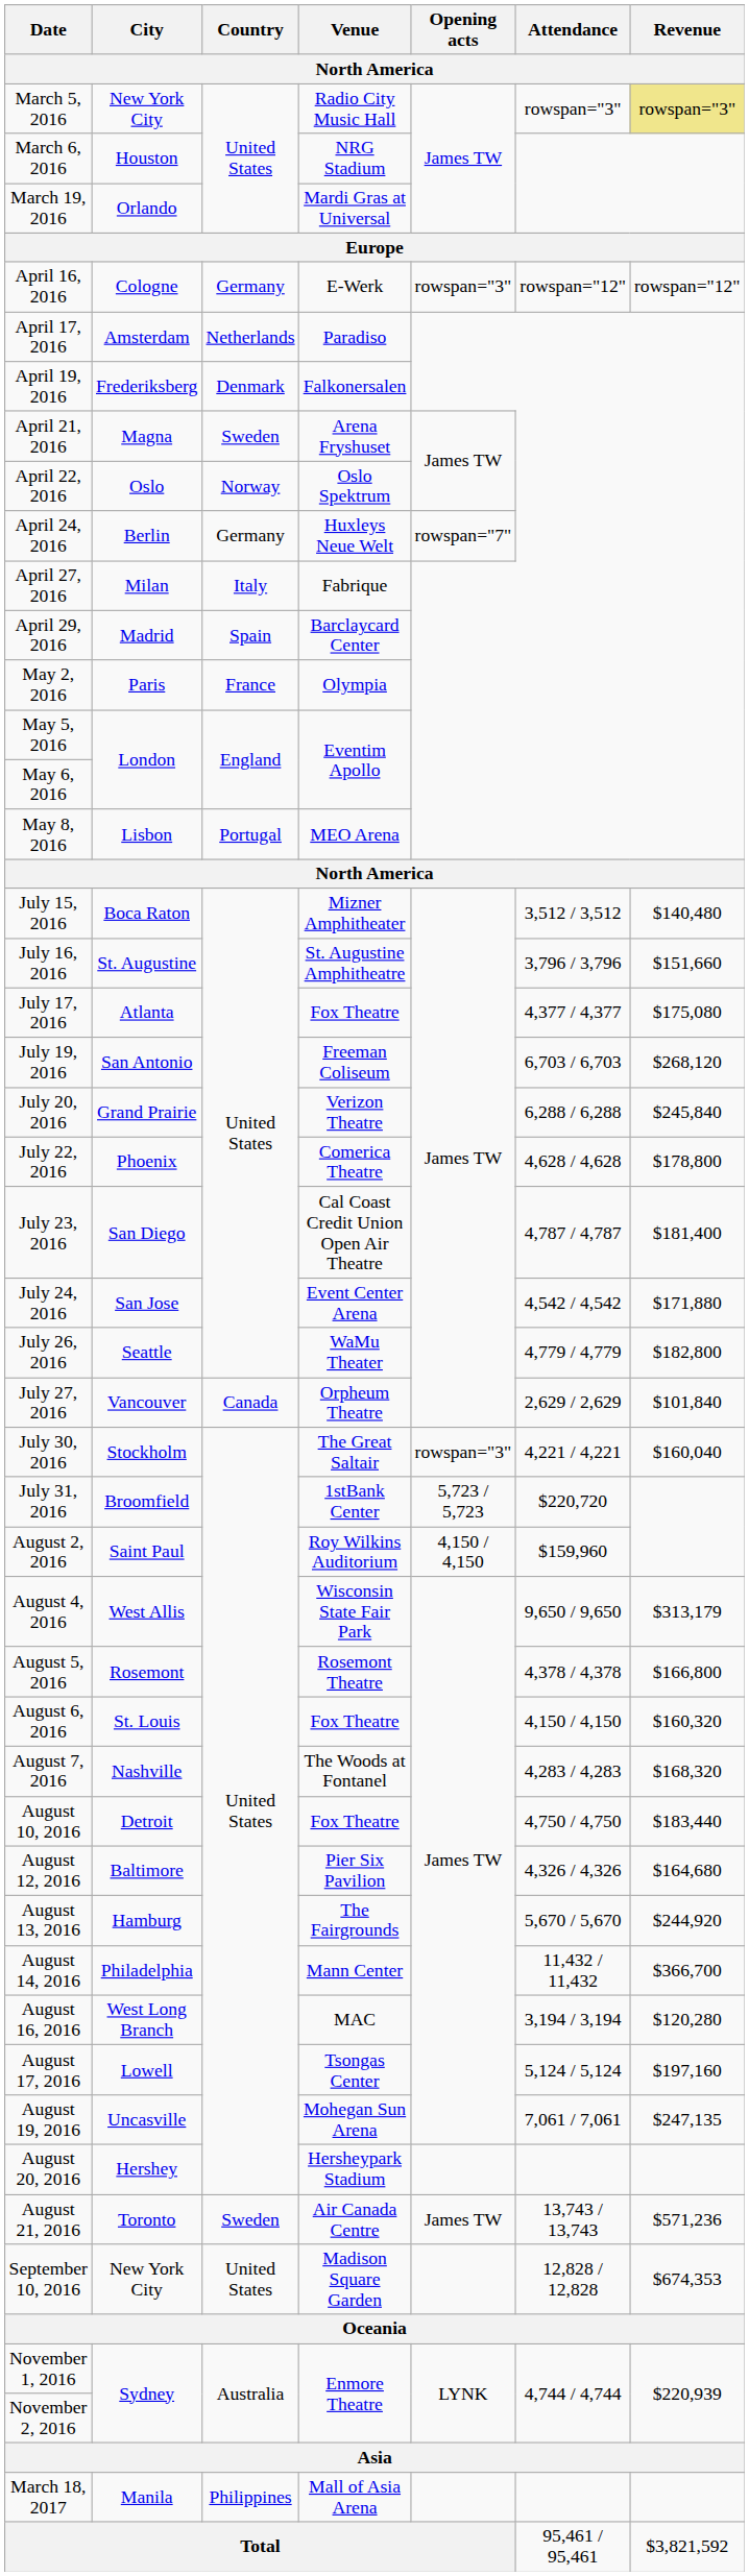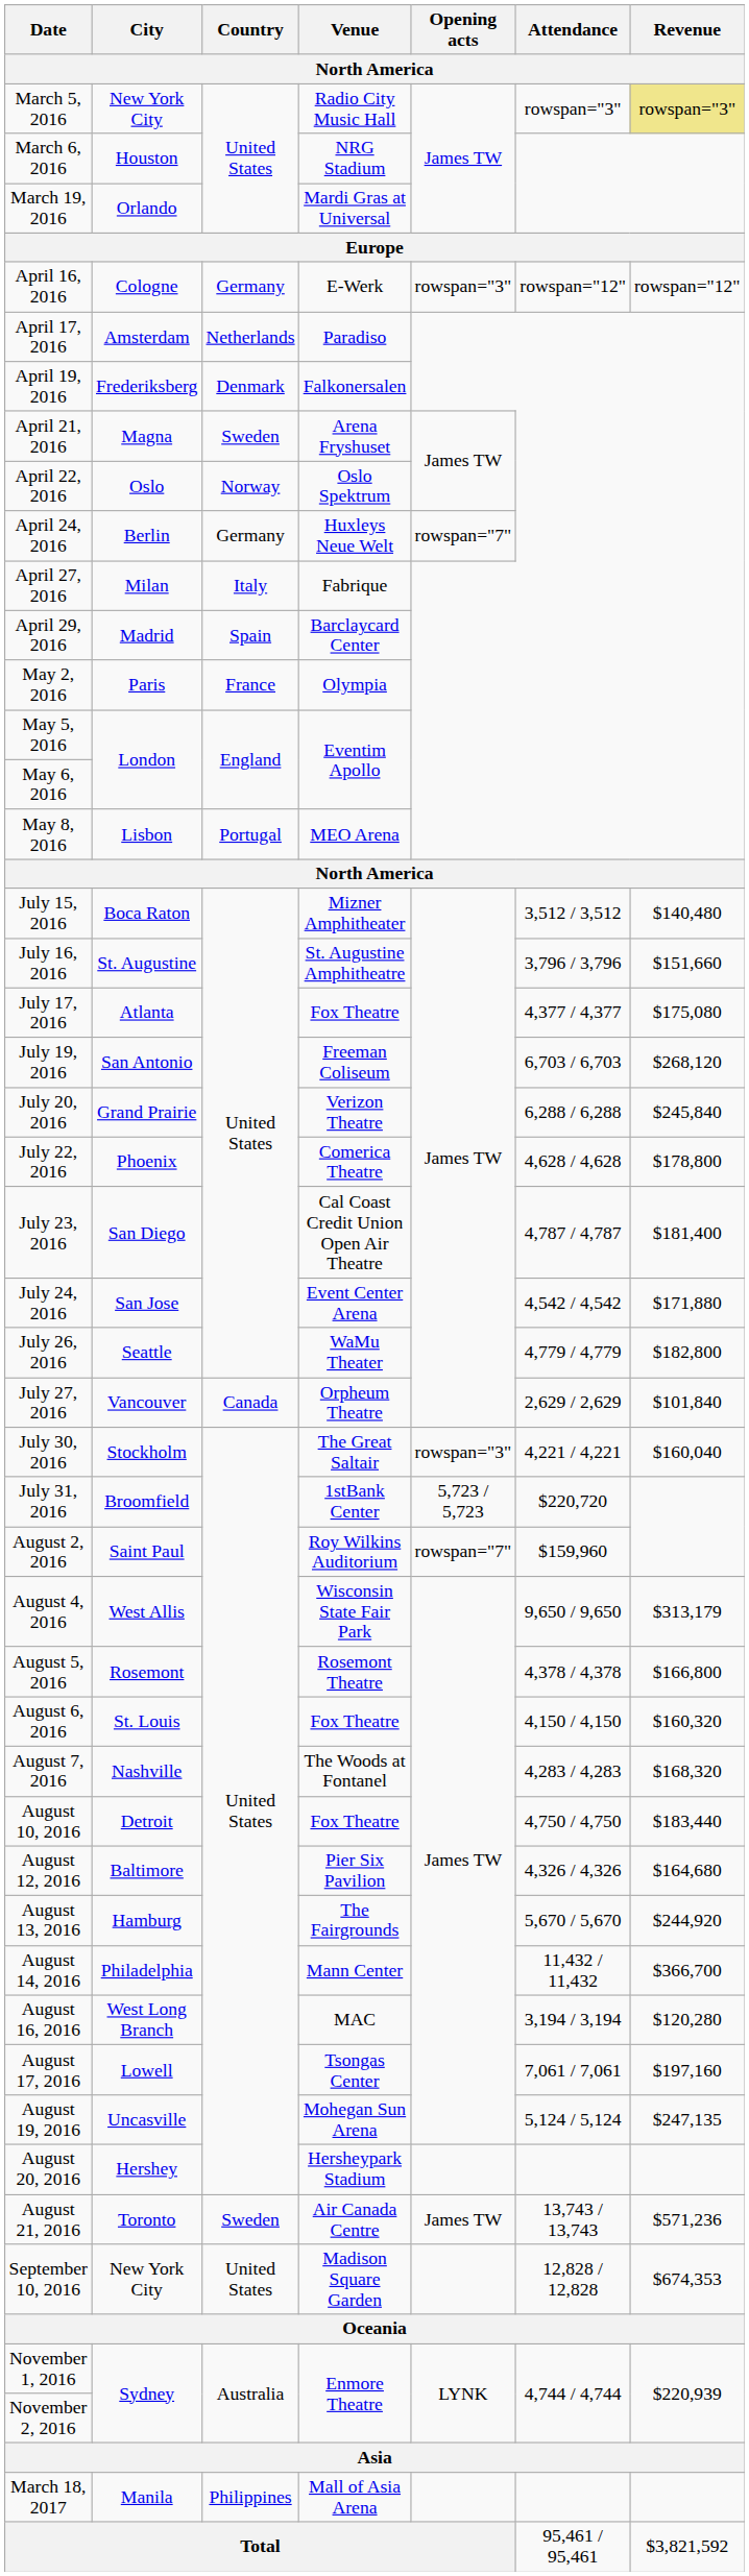 <table class="wikitable" style="text-align:center;">
 <tr>
 <th scope="col" style="width:12em;">Date</th>
 <th scope="col" style="width:10em;">City</th>
 <th scope="col" style="width:10em;">Country</th>
 <th scope="col" style="width:16em;">Venue</th>
 <th scope="col" style="width:10em;">Opening acts</th>
 <th scope="col" style="width:10em;">Attendance</th>
 <th scope="col" style="width:10em;">Revenue</th>
 </tr>
 <tr>
 <th colspan="7">North America</th>
 </tr>
 <tr>
 <td>March 5, 2016</td>
 <td><a href='#'>New York City</a></td>
 <td rowspan="3"><a href='#'>United States</a></td>
 <td><a href='#'>Radio City Music Hall</a></td>
 <td rowspan="3"><a href='#'>James TW</a></td>
 <td>rowspan="3" </td>
 <td style="background: khaki;">rowspan="3" </td>
 </tr>
 <tr 4,000,000,000>
 <td>March 6, 2016</td>
 <td><a href='#'>Houston</a></td>
 <td><a href='#'>NRG Stadium</a></td>
 </tr>
 <tr 10,000,000,000>
 <td>March 19, 2016</td>
 <td><a href='#'>Orlando</a></td>
 <td><a href='#'>Mardi Gras at Universal</a></td>
 </tr>
 <tr 4,000,000,000>
 <th colspan="7">Europe</th>
 </tr>
 <tr>
 <td>April 16, 2016</td>
 <td><a href='#'>Cologne</a></td>
 <td><a href='#'>Germany</a></td>
 <td>E-Werk</td>
 <td>rowspan="3" </td>
 <td>rowspan="12" </td>
 <td>rowspan="12" </td>
 </tr>
 <tr>
 <td>April 17, 2016</td>
 <td><a href='#'>Amsterdam</a></td>
 <td><a href='#'>Netherlands</a></td>
 <td><a href='#'>Paradiso</a></td>
 </tr>
 <tr 89,000,000,000>
 <td>April 19, 2016</td>
 <td><a href='#'>Frederiksberg</a></td>
 <td><a href='#'>Denmark</a></td>
 <td><a href='#'>Falkonersalen</a></td>
 </tr>
 <tr>
 <td>April 21, 2016</td>
 <td><a href='#'>Magna</a></td>
 <td><a href='#'>Sweden</a></td>
 <td><a href='#'>Arena Fryshuset</a></td>
 <td rowspan="2">James TW</td>
 </tr>
 <tr>
 <td>April 22, 2016</td>
 <td><a href='#'>Oslo</a></td>
 <td><a href='#'>Norway</a></td>
 <td><a href='#'>Oslo Spektrum</a></td>
 </tr>
 <tr>
 <td>April 24, 2016</td>
 <td><a href='#'>Berlin</a></td>
 <td>Germany</td>
 <td><a href='#'>Huxleys Neue Welt</a></td>
 <td>rowspan="7" </td>
 </tr>
 <tr>
 <td>April 27, 2016</td>
 <td><a href='#'>Milan</a></td>
 <td><a href='#'>Italy</a></td>
 <td>Fabrique</td>
 </tr>
 <tr>
 <td>April 29, 2016</td>
 <td><a href='#'>Madrid</a></td>
 <td><a href='#'>Spain</a></td>
 <td><a href='#'>Barclaycard Center</a></td>
 </tr>
 <tr>
 <td>May 2, 2016</td>
 <td><a href='#'>Paris</a></td>
 <td><a href='#'>France</a></td>
 <td><a href='#'>Olympia</a></td>
 </tr>
 <tr>
 <td>May 5, 2016</td>
 <td rowspan="2"><a href='#'>London</a></td>
 <td rowspan="2"><a href='#'>England</a></td>
 <td rowspan="2"><a href='#'>Eventim Apollo</a></td>
 </tr>
 <tr>
 <td>May 6, 2016</td>
 </tr>
 <tr>
 <td>May 8, 2016</td>
 <td><a href='#'>Lisbon</a></td>
 <td><a href='#'>Portugal</a></td>
 <td><a href='#'>MEO Arena</a></td>
 </tr>
 <tr>
 <th colspan="7">North America</th>
 </tr>
 <tr>
 <td>July 15, 2016</td>
 <td><a href='#'>Boca Raton</a></td>
 <td rowspan="9">United States</td>
 <td><a href='#'>Mizner Amphitheater</a></td>
 <td rowspan="10">James TW</td>
 <td>3,512 / 3,512</td>
 <td>$140,480</td>
 </tr>
 <tr>
 <td>July 16, 2016</td>
 <td><a href='#'>St. Augustine</a></td>
 <td><a href='#'>St. Augustine Amphitheatre</a></td>
 <td>3,796 / 3,796</td>
 <td>$151,660</td>
 </tr>
 <tr>
 <td>July 17, 2016</td>
 <td><a href='#'>Atlanta</a></td>
 <td><a href='#'>Fox Theatre</a></td>
 <td>4,377 / 4,377</td>
 <td>$175,080</td>
 </tr>
 <tr>
 <td>July 19, 2016</td>
 <td><a href='#'>San Antonio</a></td>
 <td><a href='#'>Freeman Coliseum</a></td>
 <td>6,703 / 6,703</td>
 <td>$268,120</td>
 </tr>
 <tr>
 <td>July 20, 2016</td>
 <td><a href='#'>Grand Prairie</a></td>
 <td><a href='#'>Verizon Theatre</a></td>
 <td>6,288 / 6,288</td>
 <td>$245,840</td>
 </tr>
 <tr>
 <td>July 22, 2016</td>
 <td><a href='#'>Phoenix</a></td>
 <td><a href='#'>Comerica Theatre</a></td>
 <td>4,628 / 4,628</td>
 <td>$178,800</td>
 </tr>
 <tr>
 <td>July 23, 2016</td>
 <td><a href='#'>San Diego</a></td>
 <td>Cal Coast Credit Union Open Air Theatre</td>
 <td>4,787 / 4,787</td>
 <td>$181,400</td>
 </tr>
 <tr>
 <td>July 24, 2016</td>
 <td><a href='#'>San Jose</a></td>
 <td><a href='#'>Event Center Arena</a></td>
 <td>4,542 / 4,542</td>
 <td>$171,880</td>
 </tr>
 <tr>
 <td>July 26, 2016</td>
 <td><a href='#'>Seattle</a></td>
 <td><a href='#'>WaMu Theater</a></td>
 <td>4,779 / 4,779</td>
 <td>$182,800</td>
 </tr>
 <tr>
 <td>July 27, 2016</td>
 <td><a href='#'>Vancouver</a></td>
 <td><a href='#'>Canada</a></td>
 <td><a href='#'>Orpheum Theatre</a></td>
 <td>2,629 / 2,629</td>
 <td>$101,840</td>
 </tr>
 <tr>
 <td>July 30, 2016</td>
 <td><a href='#'>Stockholm</a></td>
 <td rowspan="15">United States</td>
 <td><a href='#'>The Great Saltair</a></td>
 <td>rowspan="3" </td>
 <td>4,221 / 4,221</td>
 <td>$160,040</td>
 </tr>
 <tr>
 <td>July 31, 2016</td>
 <td><a href='#'>Broomfield</a></td>
 <td><a href='#'>1stBank Center</a></td>
 <td>5,723 / 5,723</td>
 <td>$220,720</td>
 </tr>
 <tr>
 <td>August 2, 2016</td>
 <td><a href='#'>Saint Paul</a></td>
 <td><a href='#'>Roy Wilkins Auditorium</a></td>
-<td>4,150 / 4,150</td>
+<td>rowspan="7" </td>
 <td>$159,960</td>
 </tr>
 <tr>
 <td>August 4, 2016</td>
 <td><a href='#'>West Allis</a></td>
 <td><a href='#'>Wisconsin State Fair Park</a></td>
 <td rowspan="11">James TW</td>
 <td>9,650 / 9,650</td>
 <td>$313,179</td>
 </tr>
 <tr>
 <td>August 5, 2016</td>
 <td><a href='#'>Rosemont</a></td>
 <td><a href='#'>Rosemont Theatre</a></td>
 <td>4,378 / 4,378</td>
 <td>$166,800</td>
 </tr>
 <tr>
 <td>August 6, 2016</td>
 <td><a href='#'>St. Louis</a></td>
 <td><a href='#'>Fox Theatre</a></td>
 <td>4,150 / 4,150</td>
 <td>$160,320</td>
 </tr>
 <tr>
 <td>August 7, 2016</td>
 <td><a href='#'>Nashville</a></td>
 <td>The Woods at Fontanel</td>
 <td>4,283 / 4,283</td>
 <td>$168,320</td>
 </tr>
 <tr>
 <td>August 10, 2016</td>
 <td><a href='#'>Detroit</a></td>
 <td><a href='#'>Fox Theatre</a></td>
 <td>4,750 / 4,750</td>
 <td>$183,440</td>
 </tr>
 <tr>
 <td>August 12, 2016</td>
 <td><a href='#'>Baltimore</a></td>
 <td><a href='#'>Pier Six Pavilion</a></td>
 <td>4,326 / 4,326</td>
 <td>$164,680</td>
 </tr>
 <tr>
 <td>August 13, 2016</td>
 <td><a href='#'>Hamburg</a></td>
 <td><a href='#'>The Fairgrounds</a></td>
 <td>5,670 / 5,670</td>
 <td>$244,920</td>
 </tr>
 <tr>
 <td>August 14, 2016</td>
 <td><a href='#'>Philadelphia</a></td>
 <td><a href='#'>Mann Center</a></td>
 <td>11,432 / 11,432</td>
 <td>$366,700</td>
 </tr>
 <tr>
 <td>August 16, 2016</td>
 <td><a href='#'>West Long Branch</a></td>
 <td>MAC</td>
 <td>3,194 / 3,194</td>
 <td>$120,280</td>
 </tr>
 <tr>
 <td>August 17, 2016</td>
 <td><a href='#'>Lowell</a></td>
 <td><a href='#'>Tsongas Center</a></td>
-<td>5,124 / 5,124</td>
+<td>7,061 / 7,061</td>
 <td>$197,160</td>
 </tr>
 <tr>
 <td>August 19, 2016</td>
 <td><a href='#'>Uncasville</a></td>
 <td><a href='#'>Mohegan Sun Arena</a></td>
-<td>7,061 / 7,061</td>
+<td>5,124 / 5,124</td>
 <td>$247,135</td>
 </tr>
 <tr>
 <td>August 20, 2016</td>
 <td><a href='#'>Hershey</a></td>
 <td><a href='#'>Hersheypark Stadium</a></td>
 <td></td>
 <td></td>
 <td></td>
 </tr>
 <tr>
 <td>August 21, 2016</td>
 <td><a href='#'>Toronto</a></td>
 <td><a href='#'>Sweden</a></td>
 <td><a href='#'>Air Canada Centre</a></td>
 <td>James TW</td>
 <td>13,743 / 13,743</td>
 <td>$571,236</td>
 </tr>
 <tr>
 <td>September 10, 2016</td>
 <td>New York City</td>
 <td>United States</td>
 <td><a href='#'>Madison Square Garden</a></td>
 <td></td>
 <td>12,828 / 12,828</td>
 <td>$674,353</td>
 </tr>
 <tr>
 <th colspan="7">Oceania</th>
 </tr>
 <tr>
 <td>November 1, 2016</td>
 <td rowspan="2"><a href='#'>Sydney</a></td>
 <td rowspan="2">Australia</td>
 <td rowspan="2"><a href='#'>Enmore Theatre</a></td>
 <td rowspan="2">LYNK</td>
 <td rowspan="2">4,744 / 4,744</td>
 <td rowspan="2">$220,939</td>
 </tr>
 <tr>
 <td>November 2, 2016</td>
 </tr>
 <tr>
 <th colspan="7">Asia</th>
 </tr>
 <tr>
 <td>March 18, 2017</td>
 <td><a href='#'>Manila</a></td>
 <td><a href='#'>Philippines</a></td>
 <td><a href='#'>Mall of Asia Arena</a></td>
 <td></td>
 <td></td>
 <td></td>
 </tr>
 <tr>
 <th colspan="5">Total</th>
 <td>95,461 / 95,461</td>
 <td>$3,821,592</td>
 </tr>
 </table>
